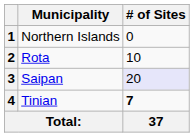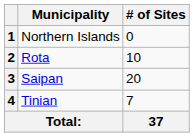 <table class="wikitable sortable">
 <tr>
 <th></th>
 <th><strong>Municipality</strong></th>
 <th><strong># of Sites</strong></th>
 </tr>
 <tr ->
 <th>1</th>
 <td>Northern Islands</td>
 <td>0</td>
 </tr>
 <tr ->
 <th>2</th>
 <td><a href='#'>Rota</a></td>
 <td>10</td>
 </tr>
 <tr ->
 <th>3</th>
 <td><a href='#'>Saipan</a></td>
-<td style="background: lavender;">20</td>
+<td>20</td>
 </tr>
 <tr ->
 <th>4</th>
 <td><a href='#'>Tinian</a></td>
-<td><strong>7</strong></td>
+<td>7</td>
 </tr>
 <tr class="sortbottom">
 <th colspan="2">Total:</th>
 <th>37</th>
 </tr>
 </table>
